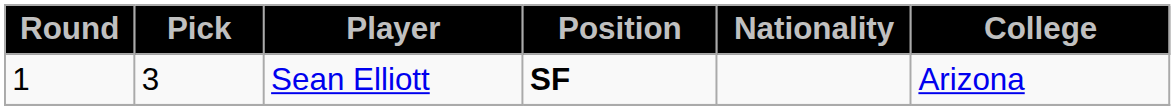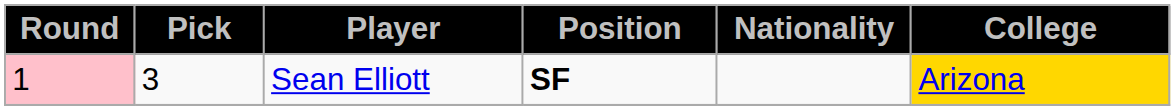 <table class="wikitable sortable sortable">
 <tr>
 <th style="background:black; color:silver" width="10%">Round</th>
 <th style="background:black; color:silver" width="10%">Pick</th>
 <th style="background:black; color:silver" width="20%">Player</th>
 <th style="background:black; color:silver" width="15%">Position</th>
 <th style="background:black; color:silver" width="15%">Nationality</th>
 <th style="background:black; color:silver" width="20%">College</th>
 </tr>
 <tr>
-<td>1</td>
+<td style="background: pink;">1</td>
 <td>3</td>
 <td><a href='#'>Sean Elliott</a></td>
 <td><strong>SF</strong></td>
 <td></td>
-<td><a href='#'>Arizona</a></td>
+<td style="background: gold;"><a href='#'>Arizona</a></td>
 </tr>
 <tr>
 </tr>
 </table>
